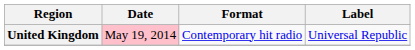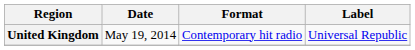 <table class="wikitable plainrowheaders">
 <tr>
 <th>Region</th>
 <th>Date</th>
 <th>Format</th>
 <th>Label</th>
 </tr>
 <tr>
 <th scope="row">United Kingdom</th>
-<td style="background: pink;">May 19, 2014</td>
+<td>May 19, 2014</td>
 <td><a href='#'>Contemporary hit radio</a></td>
 <td><a href='#'>Universal Republic</a></td>
 </tr>
 <tr>
 </tr>
 </table>
